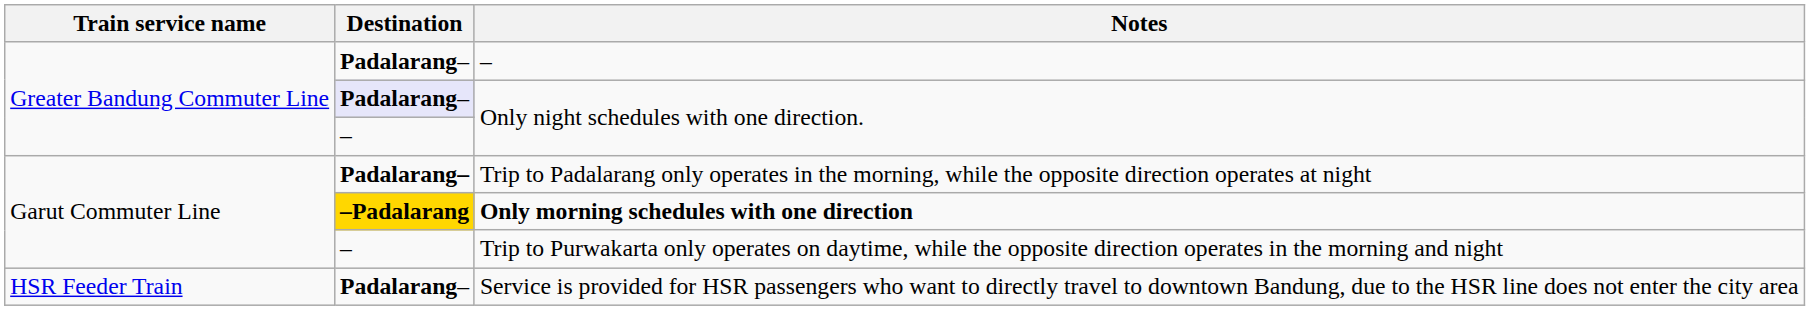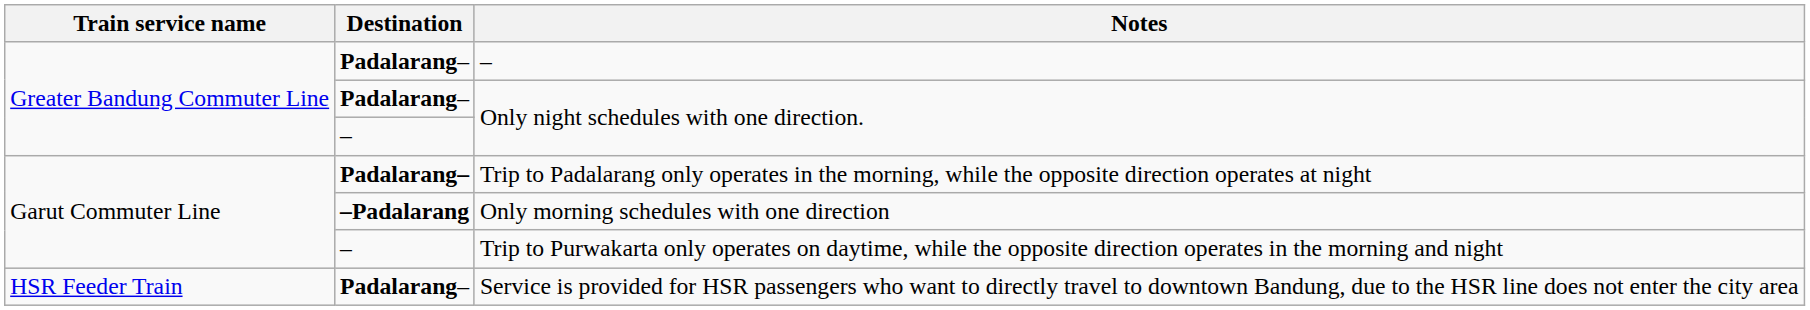 <table class="wikitable">
 <tr>
 <th>Train service name</th>
 <th>Destination</th>
 <th>Notes</th>
 </tr>
 <tr>
 <td rowspan="3"> <a href='#'>Greater Bandung Commuter Line</a></td>
 <td><strong>Padalarang</strong>–</td>
 <td>–</td>
 </tr>
 <tr>
-<td style="background: lavender;"><strong>Padalarang</strong>–</td>
+<td><strong>Padalarang</strong>–</td>
 <td rowspan="2">Only night schedules with one direction.</td>
 </tr>
 <tr>
 <td>–</td>
 </tr>
 <tr>
 <td rowspan="3"> Garut Commuter Line</td>
 <td><strong>Padalarang–</strong></td>
 <td>Trip to Padalarang only operates in the morning, while the opposite direction operates at night</td>
 </tr>
 <tr>
-<td style="background: gold;"><strong>–Padalarang</strong></td>
-<td><strong>Only morning schedules with one direction</strong></td>
+<td><strong>–Padalarang</strong></td>
+<td>Only morning schedules with one direction</td>
 </tr>
 <tr>
 <td>–</td>
 <td>Trip to Purwakarta only operates on daytime, while the opposite direction operates in the morning and night</td>
 </tr>
 <tr>
 <td> <a href='#'>HSR Feeder Train</a></td>
 <td><strong>Padalarang</strong>–</td>
 <td>Service is provided for HSR passengers who want to directly travel to downtown Bandung, due to the HSR line does not enter the city area</td>
 </tr>
 </table>
